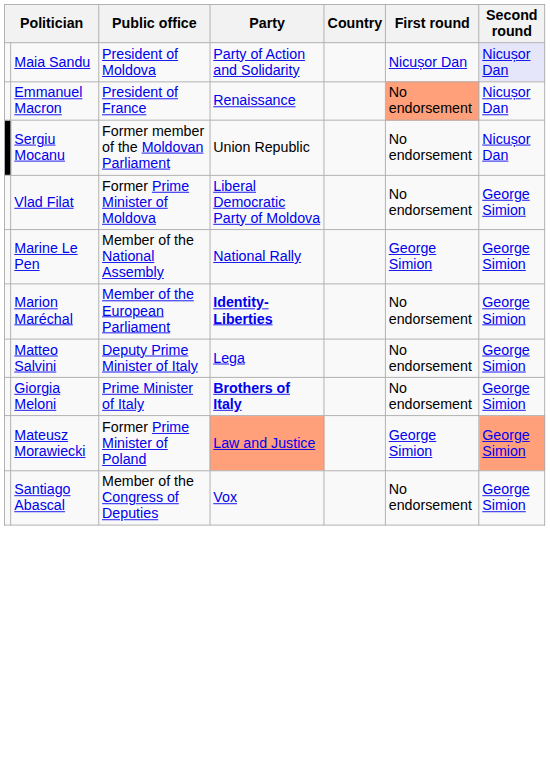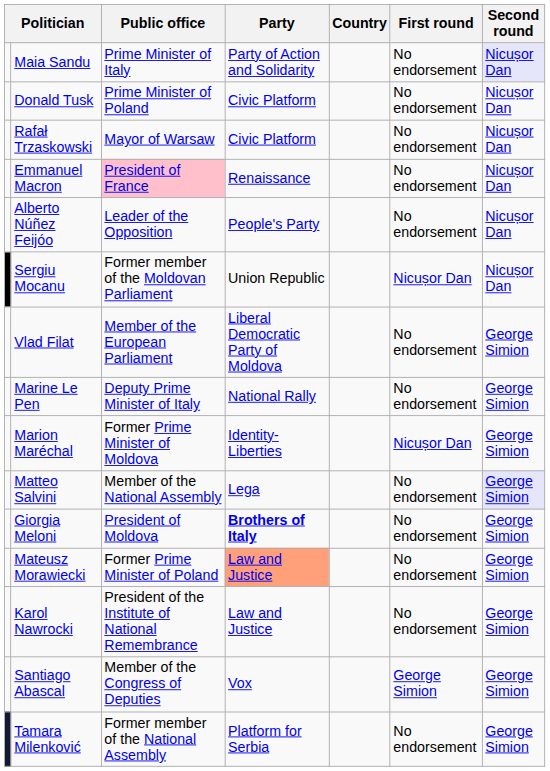 <table class="wikitable nowrap sortable collapsible collapsed">
 <tr>
 <th colspan="2">Politician</th>
 <th>Public office</th>
 <th>Party</th>
 <th>Country</th>
 <th>First round</th>
 <th>Second round</th>
 </tr>
 <tr>
 <td style="background-color: "></td>
 <td><a href='#'>Maia Sandu</a></td>
-<td><a href='#'>President of Moldova</a></td>
+<td><a href='#'>Prime Minister of Italy</a></td>
 <td><a href='#'>Party of Action and Solidarity</a></td>
 <td></td>
-<td><a href='#'>Nicușor Dan</a></td>
+<td>No endorsement</td>
 <td style="background: lavender;"><a href='#'>Nicușor Dan</a></td>
 </tr>
 <tr>
 <td style="background-color: "></td>
+<td><a href='#'>Donald Tusk</a></td>
+<td><a href='#'>Prime Minister of Poland</a></td>
+<td><a href='#'>Civic Platform</a></td>
+<td></td>
+<td>No endorsement</td>
+<td><a href='#'>Nicușor Dan</a></td>
+</tr>
+<tr>
+<td style="background-color: "></td>
+<td><a href='#'>Rafał Trzaskowski</a></td>
+<td><a href='#'>Mayor of Warsaw</a></td>
+<td><a href='#'>Civic Platform</a></td>
+<td></td>
+<td>No endorsement</td>
+<td><a href='#'>Nicușor Dan</a></td>
+</tr>
+<tr>
+<td style="background-color: "></td>
 <td><a href='#'>Emmanuel Macron</a></td>
-<td><a href='#'>President of France</a></td>
+<td style="background: pink;"><a href='#'>President of France</a></td>
 <td><a href='#'>Renaissance</a></td>
 <td></td>
-<td style="background: lightsalmon;">No endorsement</td>
+<td>No endorsement</td>
+<td><a href='#'>Nicușor Dan</a></td>
+</tr>
+<tr>
+<td style="background-color: "></td>
+<td><a href='#'>Alberto Núñez Feijóo</a></td>
+<td><a href='#'>Leader of the Opposition</a></td>
+<td><a href='#'>People's Party</a></td>
+<td></td>
+<td>No endorsement</td>
 <td><a href='#'>Nicușor Dan</a></td>
 </tr>
 <tr>
 <td style="background-color: #000000;"></td>
 <td><a href='#'>Sergiu Mocanu</a></td>
 <td>Former member of the <a href='#'>Moldovan Parliament</a></td>
 <td>Union Republic</td>
 <td></td>
-<td>No endorsement</td>
+<td><a href='#'>Nicușor Dan</a></td>
 <td><a href='#'>Nicușor Dan</a></td>
 </tr>
 <tr>
 <td style="background-color: "></td>
 <td><a href='#'>Vlad Filat</a></td>
-<td>Former <a href='#'>Prime Minister of Moldova</a></td>
+<td><a href='#'>Member of the European Parliament</a></td>
 <td><a href='#'>Liberal Democratic Party of Moldova</a></td>
 <td></td>
 <td>No endorsement</td>
 <td><a href='#'>George Simion</a></td>
 </tr>
 <tr>
 <td style="background-color: "></td>
 <td><a href='#'>Marine Le Pen</a></td>
-<td>Member of the <a href='#'>National Assembly</a></td>
+<td><a href='#'>Deputy Prime Minister of Italy</a></td>
 <td><a href='#'>National Rally</a></td>
-<td></td>
-<td><a href='#'>George Simion</a></td>
-<td><a href='#'>George Simion</a></td>
-</tr>
-<tr>
-<td style="background-color: "></td>
-<td><a href='#'>Marion Maréchal</a></td>
-<td><a href='#'>Member of the European Parliament</a></td>
-<td><strong><a href='#'>Identity-Liberties</a></strong></td>
 <td></td>
 <td>No endorsement</td>
 <td><a href='#'>George Simion</a></td>
 </tr>
 <tr>
 <td style="background-color: "></td>
-<td><a href='#'>Matteo Salvini</a></td>
-<td><a href='#'>Deputy Prime Minister of Italy</a></td>
-<td><a href='#'>Lega</a></td>
+<td><a href='#'>Marion Maréchal</a></td>
+<td>Former <a href='#'>Prime Minister of Moldova</a></td>
+<td><a href='#'>Identity-Liberties</a></td>
 <td></td>
-<td>No endorsement</td>
+<td><a href='#'>Nicușor Dan</a></td>
 <td><a href='#'>George Simion</a></td>
 </tr>
 <tr>
 <td style="background-color: "></td>
+<td><a href='#'>Matteo Salvini</a></td>
+<td>Member of the <a href='#'>National Assembly</a></td>
+<td><a href='#'>Lega</a></td>
+<td></td>
+<td>No endorsement</td>
+<td style="background: lavender;"><a href='#'>George Simion</a></td>
+</tr>
+<tr>
+<td style="background-color: "></td>
 <td><a href='#'>Giorgia Meloni</a></td>
-<td><a href='#'>Prime Minister of Italy</a></td>
+<td><a href='#'>President of Moldova</a></td>
 <td><strong><a href='#'>Brothers of Italy</a></strong></td>
 <td></td>
 <td>No endorsement</td>
 <td><a href='#'>George Simion</a></td>
 </tr>
 <tr>
 <td style="background-color: "></td>
 <td><a href='#'>Mateusz Morawiecki</a></td>
 <td>Former <a href='#'>Prime Minister of Poland</a></td>
 <td style="background: lightsalmon;"><a href='#'>Law and Justice</a></td>
 <td></td>
+<td>No endorsement</td>
 <td><a href='#'>George Simion</a></td>
-<td style="background: lightsalmon;"><a href='#'>George Simion</a></td>
+</tr>
+<tr>
+<td style="background-color: "></td>
+<td><a href='#'>Karol Nawrocki</a></td>
+<td>President of the <a href='#'>Institute of National Remembrance</a></td>
+<td><a href='#'>Law and Justice</a></td>
+<td></td>
+<td>No endorsement</td>
+<td><a href='#'>George Simion</a></td>
 </tr>
 <tr>
 <td style="background-color: "></td>
 <td><a href='#'>Santiago Abascal</a></td>
 <td>Member of the <a href='#'>Congress of Deputies</a></td>
 <td><a href='#'>Vox</a></td>
 <td></td>
+<td><a href='#'>George Simion</a></td>
+<td><a href='#'>George Simion</a></td>
+</tr>
+<tr>
+<td style="background-color: #121933;"></td>
+<td><a href='#'>Tamara Milenković</a></td>
+<td>Former member of the <a href='#'>National Assembly</a></td>
+<td><a href='#'>Platform for Serbia</a></td>
+<td></td>
 <td>No endorsement</td>
 <td><a href='#'>George Simion</a></td>
 </tr>
 </table>
